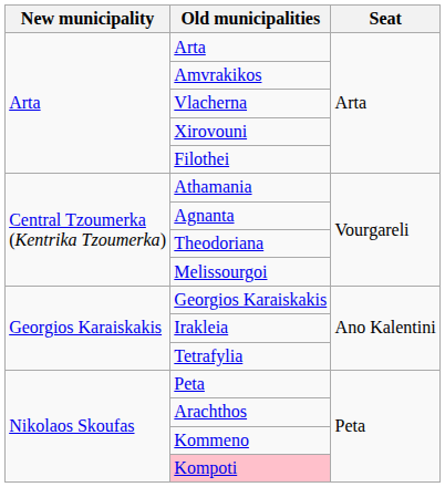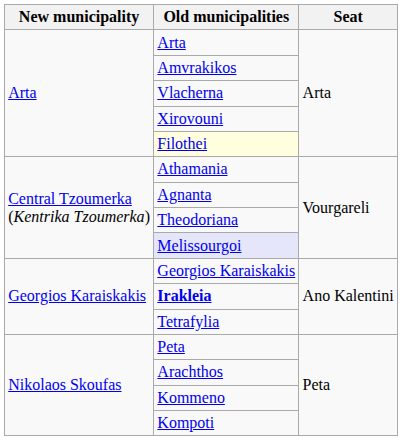 <table class="wikitable">
 <tr>
 <th>New municipality</th>
 <th>Old municipalities</th>
 <th>Seat</th>
 </tr>
 <tr>
 <td rowspan=5><a href='#'>Arta</a></td>
 <td><a href='#'>Arta</a></td>
 <td rowspan=5>Arta</td>
 </tr>
 <tr>
 <td><a href='#'>Amvrakikos</a></td>
 </tr>
 <tr>
 <td><a href='#'>Vlacherna</a></td>
 </tr>
 <tr>
 <td><a href='#'>Xirovouni</a></td>
 </tr>
 <tr>
-<td><a href='#'>Filothei</a></td>
+<td style="background: lightyellow;"><a href='#'>Filothei</a></td>
 </tr>
 <tr>
 <td rowspan=4><a href='#'>Central Tzoumerka</a> <br>(<em>Kentrika Tzoumerka</em>)</td>
 <td><a href='#'>Athamania</a></td>
 <td rowspan=4>Vourgareli</td>
 </tr>
 <tr>
 <td><a href='#'>Agnanta</a></td>
 </tr>
 <tr>
 <td><a href='#'>Theodoriana</a></td>
 </tr>
 <tr>
-<td><a href='#'>Melissourgoi</a></td>
+<td style="background: lavender;"><a href='#'>Melissourgoi</a></td>
 </tr>
 <tr>
 <td rowspan=3><a href='#'>Georgios Karaiskakis</a></td>
 <td><a href='#'>Georgios Karaiskakis</a></td>
 <td rowspan=3>Ano Kalentini</td>
 </tr>
 <tr>
-<td><a href='#'>Irakleia</a></td>
+<td><strong><a href='#'>Irakleia</a></strong></td>
 </tr>
 <tr>
 <td><a href='#'>Tetrafylia</a></td>
 </tr>
 <tr>
 <td rowspan=4><a href='#'>Nikolaos Skoufas</a></td>
 <td><a href='#'>Peta</a></td>
 <td rowspan=4>Peta</td>
 </tr>
 <tr>
 <td><a href='#'>Arachthos</a></td>
 </tr>
 <tr>
 <td><a href='#'>Kommeno</a></td>
 </tr>
 <tr>
-<td style="background: pink;"><a href='#'>Kompoti</a></td>
+<td><a href='#'>Kompoti</a></td>
 </tr>
 </table>
